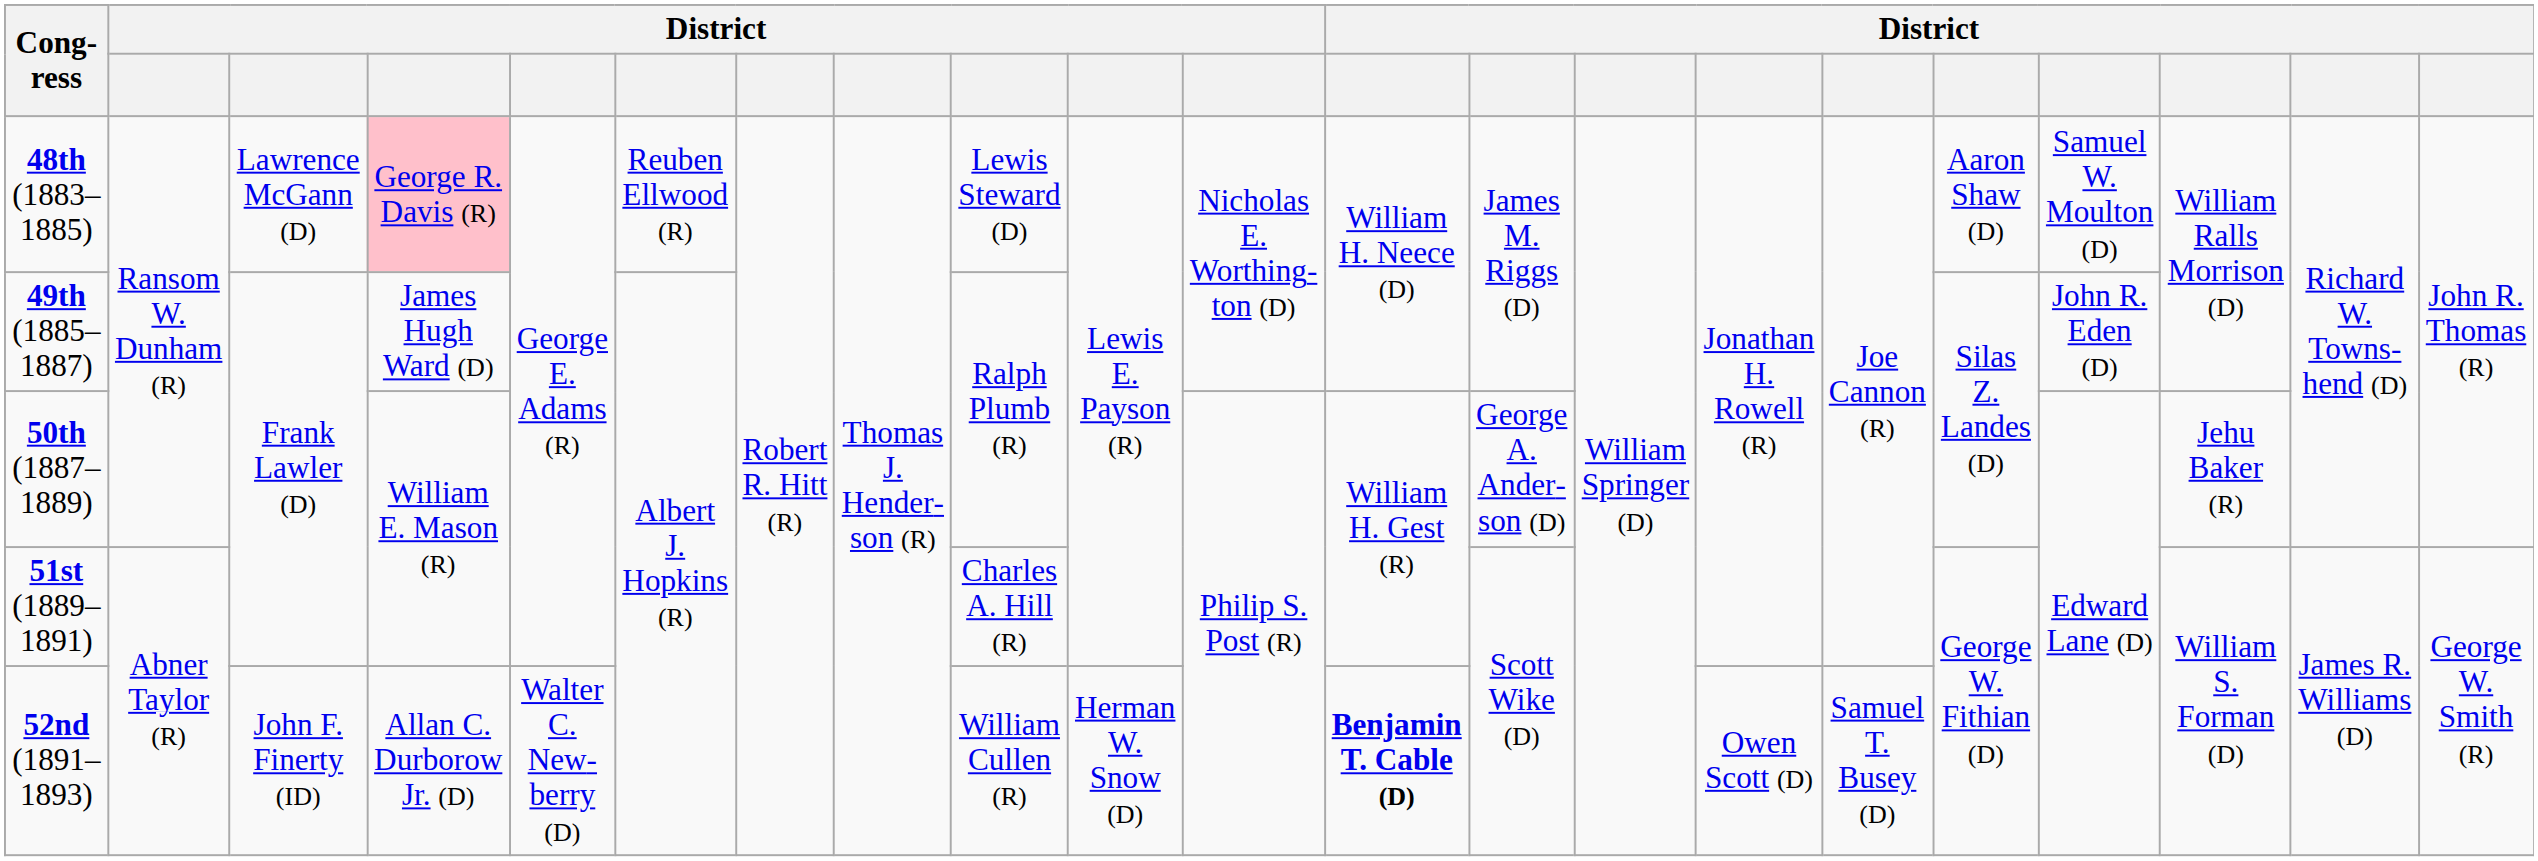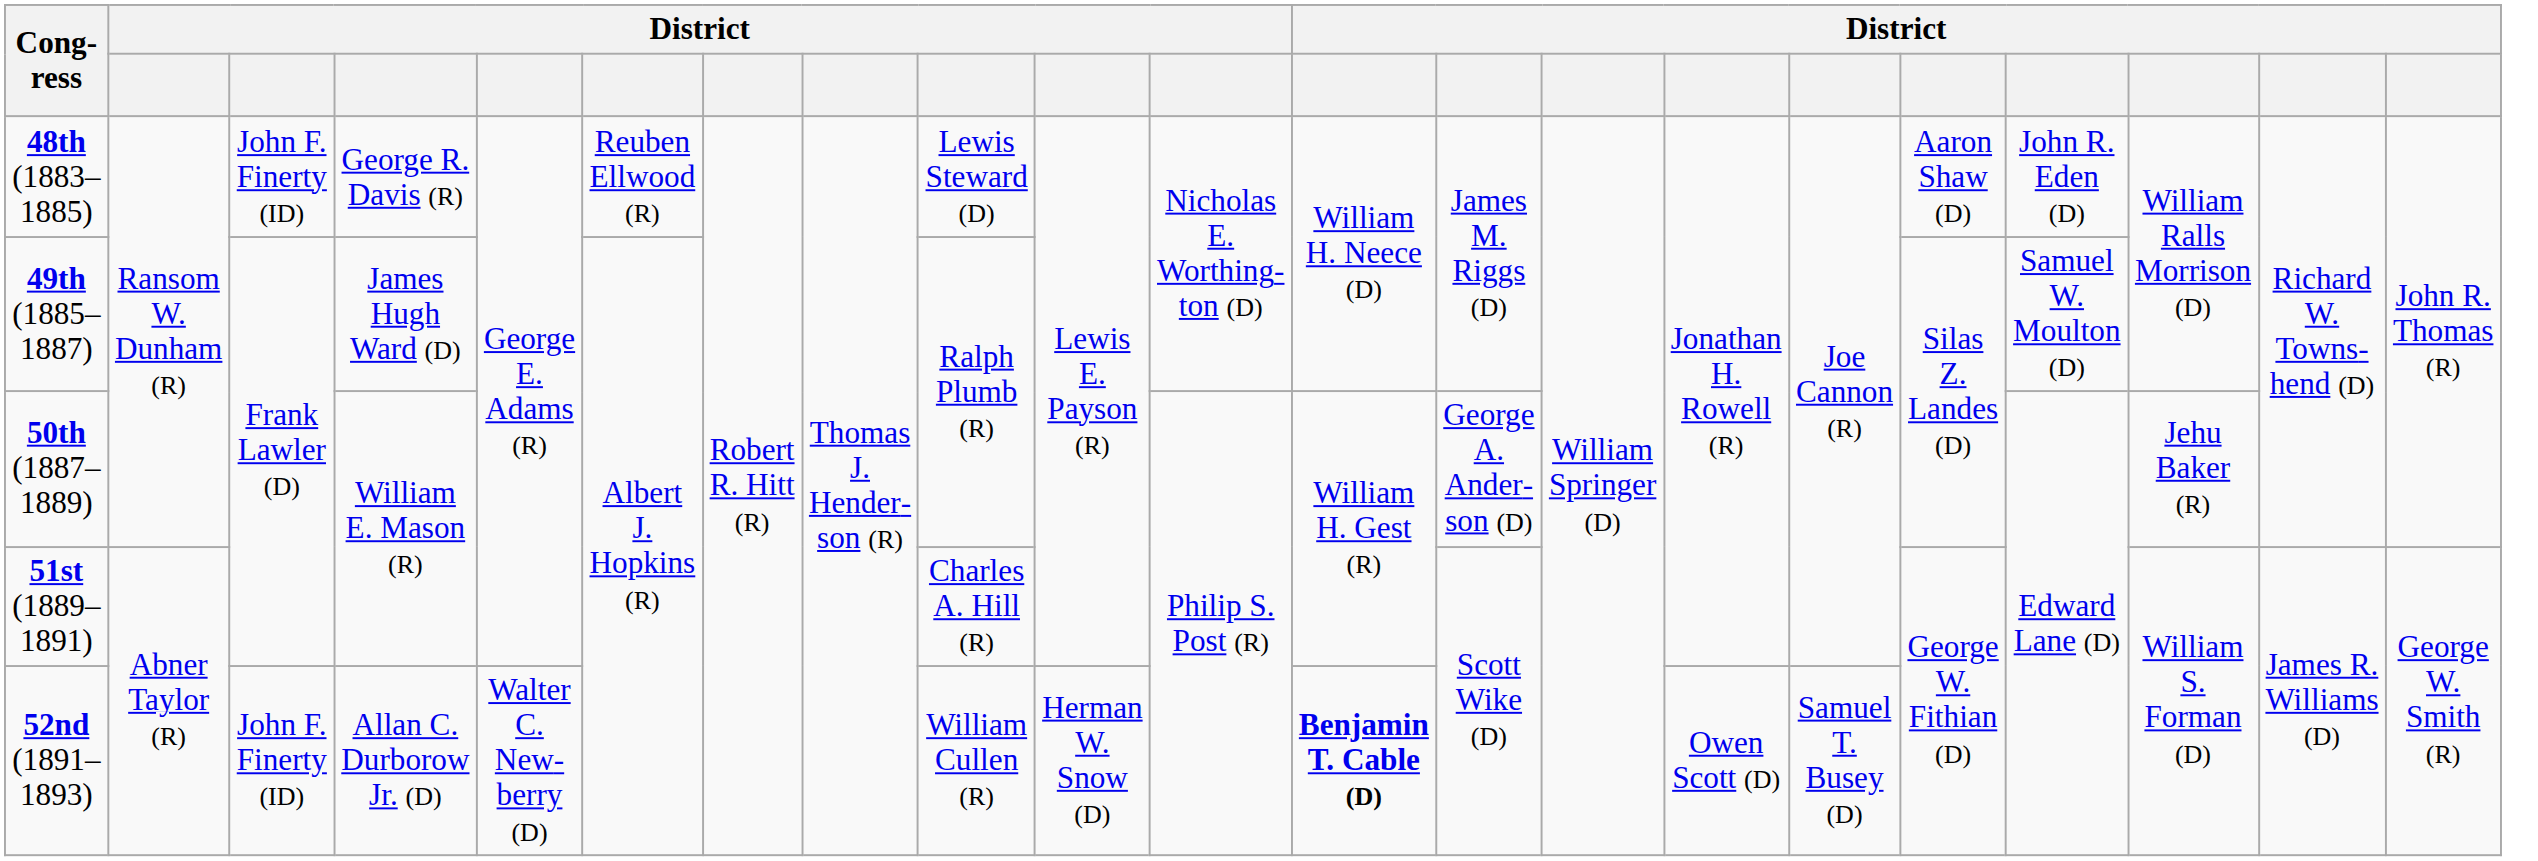 <table class=wikitable style="text-align:center">
 <tr>
 <th rowspan=2>Cong­ress</th>
 <th colspan=10>District</th>
 <th colspan=10>District</th>
 </tr>
 <tr style="height:2em">
 <th></th>
 <th></th>
 <th></th>
 <th></th>
 <th></th>
 <th></th>
 <th></th>
 <th></th>
 <th></th>
 <th></th>
 <th></th>
 <th></th>
 <th></th>
 <th></th>
 <th></th>
 <th></th>
 <th></th>
 <th></th>
 <th></th>
 <th></th>
 </tr>
 <tr style="height:2em">
 <td><strong><a href='#'>48th</a></strong> (1883–1885)</td>
 <td rowspan=3 ><a href='#'>Ransom W. Dunham</a> <small>(R)</small></td>
-<td><a href='#'>Lawrence McGann</a> <small>(D)</small></td>
-<td style="background: pink;"><a href='#'>George R. Davis</a> <small>(R)</small></td>
+<td><a href='#'>John F. Finerty</a> <small>(ID)</small></td>
+<td><a href='#'>George R. Davis</a> <small>(R)</small></td>
 <td rowspan=4 ><a href='#'>George E. Adams</a> <small>(R)</small></td>
 <td><a href='#'>Reuben Ellwood</a> <small>(R)</small></td>
 <td rowspan=5 ><a href='#'>Robert R. Hitt</a> <small>(R)</small></td>
 <td rowspan=5 ><a href='#'>Thomas J.<br>Hender­son</a> <small>(R)</small></td>
 <td><a href='#'>Lewis Steward</a> <small>(D)</small></td>
 <td rowspan=4 ><a href='#'>Lewis E. Payson</a> <small>(R)</small></td>
 <td rowspan=2 ><a href='#'>Nicholas E. Worthing­ton</a> <small>(D)</small></td>
 <td rowspan=2 ><a href='#'>William H. Neece</a> <small>(D)</small></td>
 <td rowspan=2 ><a href='#'>James M. Riggs</a> <small>(D)</small></td>
 <td rowspan=5 ><a href='#'>William Springer</a> <small>(D)</small></td>
 <td rowspan=4 ><a href='#'>Jonathan H. Rowell</a> <small>(R)</small></td>
 <td rowspan=4 ><a href='#'>Joe Cannon</a> <small>(R)</small></td>
 <td><a href='#'>Aaron Shaw</a> <small>(D)</small></td>
-<td><a href='#'>Samuel W. Moulton</a> <small>(D)</small></td>
+<td><a href='#'>John R. Eden</a> <small>(D)</small></td>
 <td rowspan=2 ><a href='#'>William Ralls Morrison</a> <small>(D)</small></td>
 <td rowspan=3 ><a href='#'>Richard W. Towns­hend</a> <small>(D)</small></td>
 <td rowspan=3 ><a href='#'>John R. Thomas</a> <small>(R)</small></td>
 </tr>
 <tr style="height:2em">
 <td><strong><a href='#'>49th</a></strong> (1885–1887)</td>
 <td rowspan=3 ><a href='#'>Frank Lawler</a> <small>(D)</small></td>
 <td><a href='#'>James Hugh Ward</a> <small>(D)</small></td>
 <td rowspan=4 ><a href='#'>Albert J. Hopkins</a> <small>(R)</small></td>
 <td rowspan=2 ><a href='#'>Ralph Plumb</a> <small>(R)</small></td>
 <td rowspan=2 ><a href='#'>Silas Z. Landes</a> <small>(D)</small></td>
-<td><a href='#'>John R. Eden</a> <small>(D)</small></td>
+<td><a href='#'>Samuel W. Moulton</a> <small>(D)</small></td>
 </tr>
 <tr style="height:2em">
 <td><strong><a href='#'>50th</a></strong> (1887–1889)</td>
 <td rowspan=2 ><a href='#'>William E. Mason</a> <small>(R)</small></td>
 <td rowspan=3 ><a href='#'>Philip S. Post</a> <small>(R)</small></td>
 <td rowspan=2 ><a href='#'>William H. Gest</a> <small>(R)</small></td>
 <td><a href='#'>George A. Ander­son</a> <small>(D)</small></td>
 <td rowspan=3 ><a href='#'>Edward Lane</a> <small>(D)</small></td>
 <td><a href='#'>Jehu Baker</a> <small>(R)</small></td>
 </tr>
 <tr style="height:2em">
 <td><strong><a href='#'>51st</a></strong> (1889–1891)</td>
 <td rowspan=2 ><a href='#'>Abner Taylor</a> <small>(R)</small></td>
 <td><a href='#'>Charles A. Hill</a> <small>(R)</small></td>
 <td rowspan=2 ><a href='#'>Scott Wike</a> <small>(D)</small></td>
 <td rowspan=2 ><a href='#'>George W. Fithian</a> <small>(D)</small></td>
 <td rowspan=2 ><a href='#'>William S. Forman</a> <small>(D)</small></td>
 <td rowspan=2 ><a href='#'>James R. Williams</a> <small>(D)</small></td>
 <td rowspan=2 ><a href='#'>George W. Smith</a> <small>(R)</small></td>
 </tr>
 <tr style="height:2em">
 <td><strong><a href='#'>52nd</a></strong> (1891–1893)</td>
 <td><a href='#'>John F. Finerty</a> <small>(ID)</small></td>
 <td><a href='#'>Allan C. Durborow Jr.</a> <small>(D)</small></td>
 <td><a href='#'>Walter C. New­berry</a> <small>(D)</small></td>
 <td><a href='#'>William Cullen</a> <small>(R)</small></td>
 <td><a href='#'>Herman W. Snow</a> <small>(D)</small></td>
 <td><strong><a href='#'>Benjamin T. Cable</a> <small>(D)</small></strong></td>
 <td><a href='#'>Owen Scott</a> <small>(D)</small></td>
 <td><a href='#'>Samuel T. Busey</a> <small>(D)</small></td>
 </tr>
 </table>
